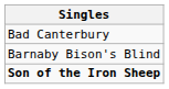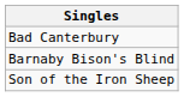 <table class="wikitable">
 <tr>
 <th>Singles</th>
 </tr>
 <tr>
 <td>Bad Canterbury</td>
 </tr>
 <tr>
 <td>Barnaby Bison's Blind</td>
 </tr>
 <tr>
-<td><strong>Son of the Iron Sheep</strong></td>
+<td>Son of the Iron Sheep</td>
 </tr>
 </table>
